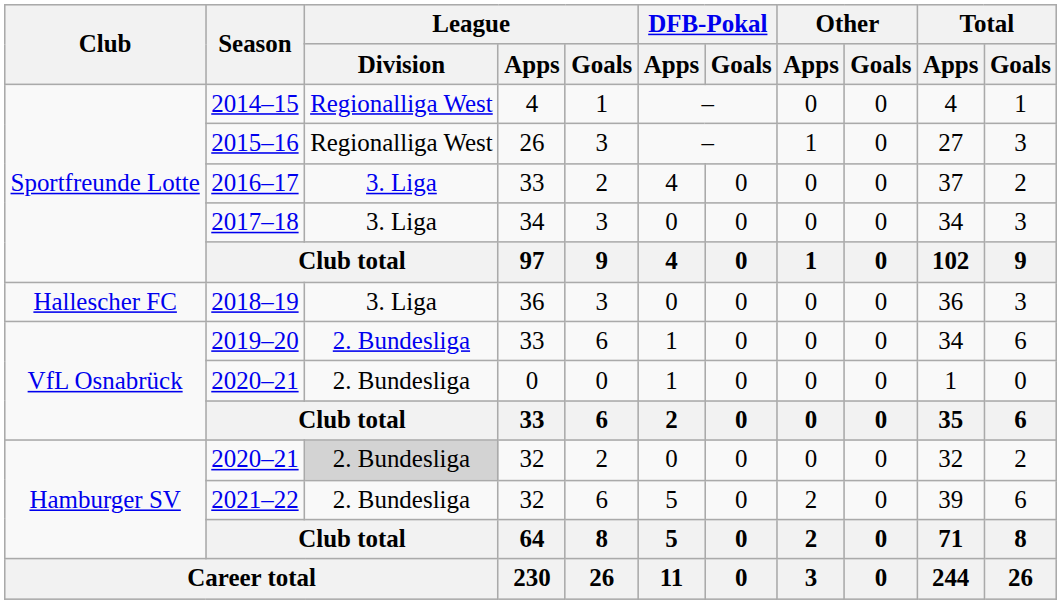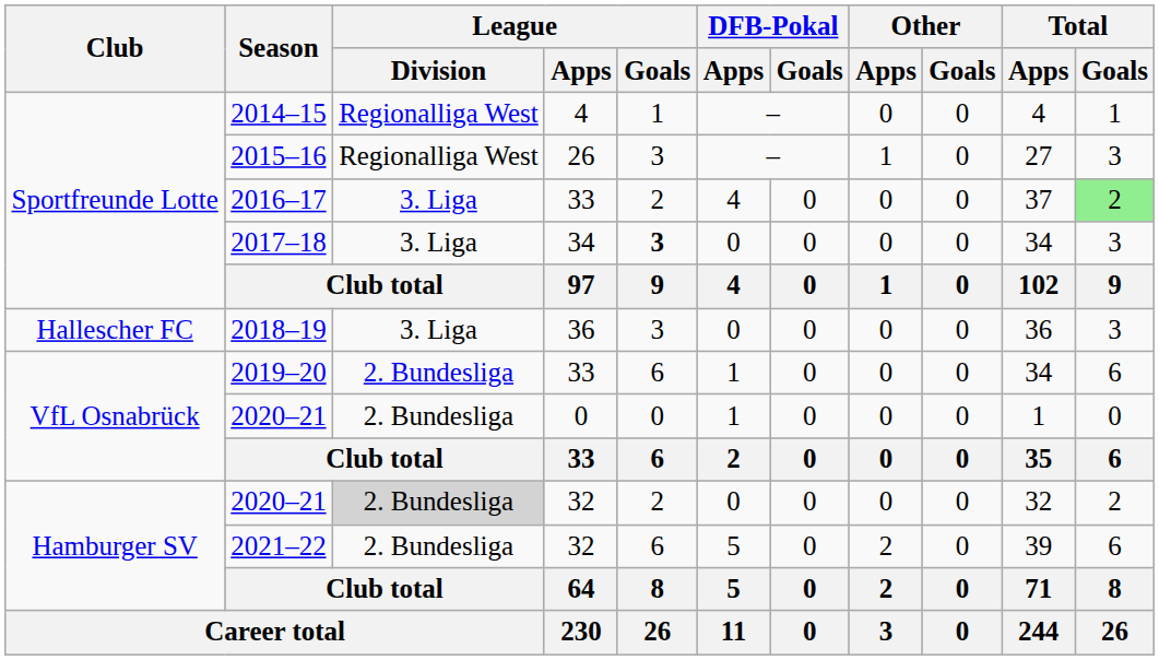 <table class="wikitable" style="text-align: center">
 <tr>
 <th rowspan="2">Club</th>
 <th rowspan="2">Season</th>
 <th colspan="3">League</th>
 <th colspan="2"><a href='#'>DFB-Pokal</a></th>
 <th colspan="2">Other</th>
 <th colspan="2">Total</th>
 </tr>
 <tr>
 <th>Division</th>
 <th>Apps</th>
 <th>Goals</th>
 <th>Apps</th>
 <th>Goals</th>
 <th>Apps</th>
 <th>Goals</th>
 <th>Apps</th>
 <th>Goals</th>
 </tr>
 <tr>
 <td rowspan="5"><a href='#'>Sportfreunde Lotte</a></td>
 <td><a href='#'>2014–15</a></td>
 <td><a href='#'>Regionalliga West</a></td>
 <td>4</td>
 <td>1</td>
 <td colspan="2">–</td>
 <td>0</td>
 <td>0</td>
 <td>4</td>
 <td>1</td>
 </tr>
 <tr>
 <td><a href='#'>2015–16</a></td>
 <td>Regionalliga West</td>
 <td>26</td>
 <td>3</td>
 <td colspan="2">–</td>
 <td>1</td>
 <td>0</td>
 <td>27</td>
 <td>3</td>
 </tr>
 <tr>
 <td><a href='#'>2016–17</a></td>
 <td><a href='#'>3. Liga</a></td>
 <td>33</td>
 <td>2</td>
 <td>4</td>
 <td>0</td>
 <td>0</td>
 <td>0</td>
 <td>37</td>
-<td>2</td>
+<td style="background: lightgreen;">2</td>
 </tr>
 <tr>
 <td><a href='#'>2017–18</a></td>
 <td>3. Liga</td>
 <td>34</td>
-<td>3</td>
+<td><strong>3</strong></td>
 <td>0</td>
 <td>0</td>
 <td>0</td>
 <td>0</td>
 <td>34</td>
 <td>3</td>
 </tr>
 <tr>
 <th colspan="2">Club total</th>
 <th>97</th>
 <th>9</th>
 <th>4</th>
 <th>0</th>
 <th>1</th>
 <th>0</th>
 <th>102</th>
 <th>9</th>
 </tr>
 <tr>
 <td><a href='#'>Hallescher FC</a></td>
 <td><a href='#'>2018–19</a></td>
 <td>3. Liga</td>
 <td>36</td>
 <td>3</td>
 <td>0</td>
 <td>0</td>
 <td>0</td>
 <td>0</td>
 <td>36</td>
 <td>3</td>
 </tr>
 <tr>
 <td rowspan="3"><a href='#'>VfL Osnabrück</a></td>
 <td><a href='#'>2019–20</a></td>
 <td><a href='#'>2. Bundesliga</a></td>
 <td>33</td>
 <td>6</td>
 <td>1</td>
 <td>0</td>
 <td>0</td>
 <td>0</td>
 <td>34</td>
 <td>6</td>
 </tr>
 <tr>
 <td><a href='#'>2020–21</a></td>
 <td>2. Bundesliga</td>
 <td>0</td>
 <td>0</td>
 <td>1</td>
 <td>0</td>
 <td>0</td>
 <td>0</td>
 <td>1</td>
 <td>0</td>
 </tr>
 <tr>
 <th colspan="2">Club total</th>
 <th>33</th>
 <th>6</th>
 <th>2</th>
 <th>0</th>
 <th>0</th>
 <th>0</th>
 <th>35</th>
 <th>6</th>
 </tr>
 <tr>
 <td rowspan="3"><a href='#'>Hamburger SV</a></td>
 <td><a href='#'>2020–21</a></td>
 <td style="background: lightgrey;">2. Bundesliga</td>
 <td>32</td>
 <td>2</td>
 <td>0</td>
 <td>0</td>
 <td>0</td>
 <td>0</td>
 <td>32</td>
 <td>2</td>
 </tr>
 <tr>
 <td><a href='#'>2021–22</a></td>
 <td>2. Bundesliga</td>
 <td>32</td>
 <td>6</td>
 <td>5</td>
 <td>0</td>
 <td>2</td>
 <td>0</td>
 <td>39</td>
 <td>6</td>
 </tr>
 <tr>
 <th colspan="2">Club total</th>
 <th>64</th>
 <th>8</th>
 <th>5</th>
 <th>0</th>
 <th>2</th>
 <th>0</th>
 <th>71</th>
 <th>8</th>
 </tr>
 <tr>
 <th colspan="3">Career total</th>
 <th>230</th>
 <th>26</th>
 <th>11</th>
 <th>0</th>
 <th>3</th>
 <th>0</th>
 <th>244</th>
 <th>26</th>
 </tr>
 </table>
